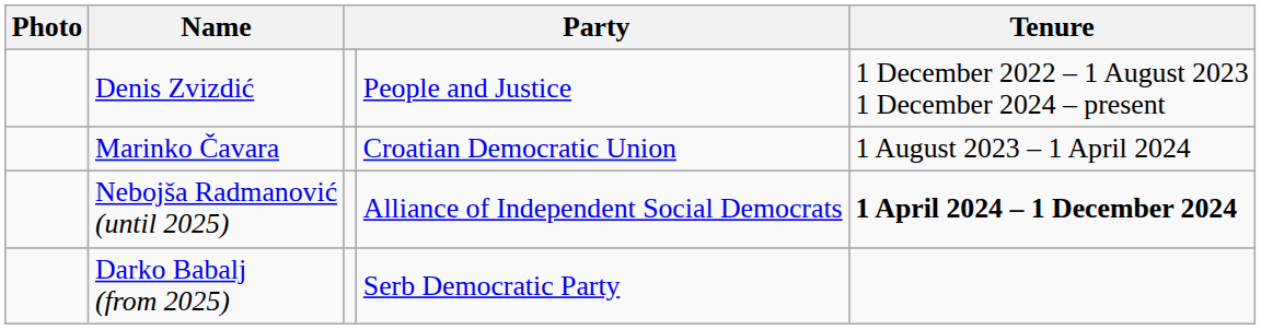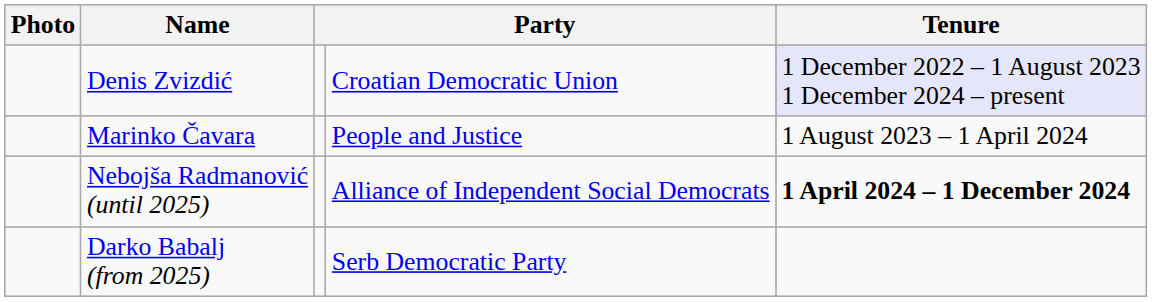 <table class="wikitable">
 <tr>
 <th>Photo</th>
 <th>Name</th>
 <th colspan="2">Party</th>
 <th>Tenure</th>
 </tr>
 <tr>
 <td></td>
 <td><a href='#'>Denis Zvizdić</a></td>
 <td style="background-color: "></td>
-<td><a href='#'>People and Justice</a></td>
-<td>1 December 2022 – 1 August 2023 <br> 1 December 2024 – present</td>
+<td><a href='#'>Croatian Democratic Union</a></td>
+<td style="background: lavender;">1 December 2022 – 1 August 2023 <br> 1 December 2024 – present</td>
 </tr>
 <tr>
 <td></td>
 <td><a href='#'>Marinko Čavara</a></td>
 <td style="background-color: "></td>
-<td><a href='#'>Croatian Democratic Union</a></td>
+<td><a href='#'>People and Justice</a></td>
 <td>1 August 2023 – 1 April 2024</td>
 </tr>
 <tr>
 <td></td>
 <td><a href='#'>Nebojša Radmanović</a>  <br> <em>(until 2025)</em></td>
 <td style="background-color: "></td>
 <td><a href='#'>Alliance of Independent Social Democrats</a></td>
 <td><strong>1 April 2024 – 1 December 2024</strong></td>
 </tr>
 <tr>
 <td></td>
 <td><a href='#'>Darko Babalj</a> <br> <em>(from 2025)</em></td>
 <td style="background-color: "></td>
 <td><a href='#'>Serb Democratic Party</a></td>
 <td></td>
 </tr>
 </table>
